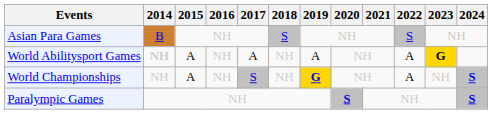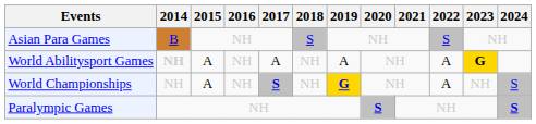 <table class="wikitable" style="font-size: 90%; text-align:center">
 <tr>
 <th>Events</th>
 <th>2014</th>
 <th>2015</th>
 <th>2016</th>
 <th>2017</th>
 <th>2018</th>
 <th>2019</th>
 <th>2020</th>
 <th>2021</th>
 <th>2022</th>
 <th>2023</th>
 <th>2024</th>
 </tr>
 <tr>
 <td bgcolor="#ECF2FF"; align="left"><a href='#'>Asian Para Games</a></td>
 <td bgcolor=CD7F32><a href='#'>B</a></td>
 <td colspan="3" style=color:#ccc>NH</td>
 <td bgcolor=silver><a href='#'>S</a></td>
 <td colspan="3" style=color:#ccc>NH</td>
 <td bgcolor=silver><a href='#'>S</a></td>
 <td colspan="3" style=color:#ccc>NH</td>
 </tr>
 <tr>
 <td bgcolor="#ECF2FF"; align="left"><a href='#'>World Abilitysport Games</a></td>
 <td style=color:#ccc><strong>NH</strong></td>
 <td>A</td>
 <td style=color:#ccc>NH</td>
 <td>A</td>
 <td style=color:#ccc>NH</td>
 <td>A</td>
 <td colspan="2" style=color:#ccc>NH</td>
 <td>A</td>
 <td 2023; bgcolor=gold><strong>G</strong></td>
 <td></td>
 </tr>
 <tr>
 <td bgcolor="#ECF2FF"; align="left"><a href='#'>World Championships</a></td>
 <td style=color:#ccc>NH</td>
 <td>A</td>
 <td style=color:#ccc>NH</td>
-<td bgcolor=silver><a href='#'>S</a></td>
+<td bgcolor=silver><strong><a href='#'>S</a></strong></td>
 <td style=color:#ccc>NH</td>
 <td bgcolor=gold><a href='#'><strong>G</strong></a></td>
 <td colspan="2" style=color:#ccc>NH</td>
 <td>A</td>
 <td style=color:#ccc>NH</td>
-<td bgcolor=silver><strong><a href='#'>S</a></strong></td>
+<td bgcolor=silver><a href='#'>S</a></td>
 </tr>
 <tr>
 <td bgcolor="#ECF2FF"; align="left"><a href='#'>Paralympic Games</a></td>
 <td colspan="6" style=color:#ccc>NH</td>
 <td bgcolor=silver><strong><a href='#'>S</a></strong></td>
 <td colspan="3" style=color:#ccc>NH</td>
 <td bgcolor=silver><strong><a href='#'>S</a></strong></td>
 </tr>
 </table>
